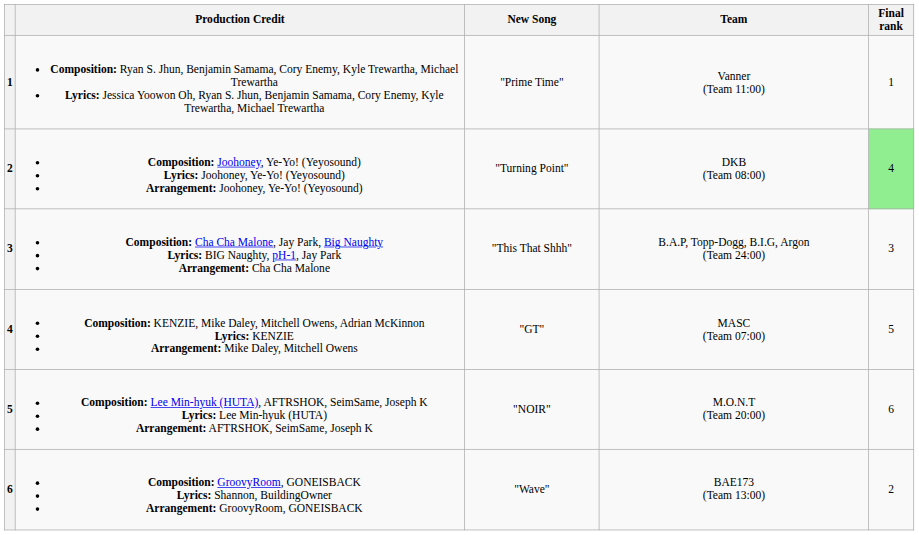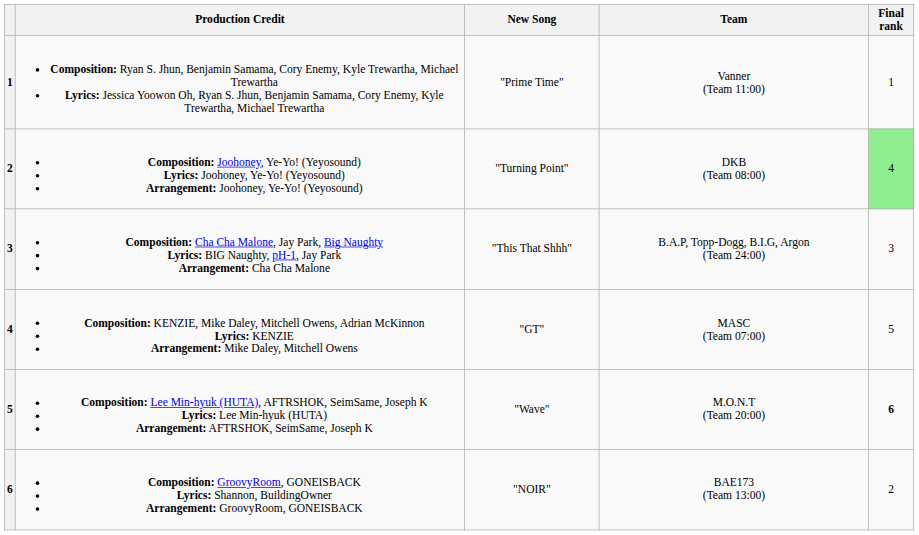 <table class="wikitable collapsible" style="text-align:center; width:100%">
 <tr>
 <th></th>
 <th style="width:50%">Production Credit</th>
 <th style="width:15%">New Song</th>
 <th style="width:30%">Team</th>
 <th style="width:5%">Final rank</th>
 </tr>
 <tr>
 <th>1</th>
 <td><br><ul><li><strong>Composition:</strong> Ryan S. Jhun, Benjamin Samama, Cory Enemy, Kyle Trewartha, Michael Trewartha</li><li><strong>Lyrics:</strong> Jessica Yoowon Oh, Ryan S. Jhun, Benjamin Samama, Cory Enemy, Kyle Trewartha, Michael Trewartha</li></ul></td>
 <td>"Prime Time"</td>
 <td>Vanner<br>(Team 11:00)</td>
 <td>1</td>
 </tr>
 <tr>
 <th>2</th>
 <td><br><ul><li><strong>Composition:</strong> <a href='#'>Joohoney</a>, Ye-Yo! (Yeyosound)</li><li><strong>Lyrics:</strong> Joohoney, Ye-Yo! (Yeyosound)</li><li><strong>Arrangement:</strong> Joohoney, Ye-Yo! (Yeyosound)</li></ul></td>
 <td>"Turning Point"</td>
 <td>DKB<br>(Team 08:00)</td>
 <td style="background: lightgreen;">4</td>
 </tr>
 <tr>
 <th>3</th>
 <td><br><ul><li><strong>Composition:</strong> <a href='#'>Cha Cha Malone</a>, Jay Park, <a href='#'>Big Naughty</a></li><li><strong>Lyrics:</strong> BIG Naughty, <a href='#'>pH-1</a>, Jay Park</li><li><strong>Arrangement:</strong> Cha Cha Malone</li></ul></td>
 <td>"This That Shhh"</td>
 <td>B.A.P, Topp-Dogg, B.I.G, Argon<br>(Team 24:00)</td>
 <td>3</td>
 </tr>
 <tr>
 <th>4</th>
 <td><br><ul><li><strong>Composition:</strong> KENZIE, Mike Daley, Mitchell Owens, Adrian McKinnon</li><li><strong>Lyrics:</strong> KENZIE</li><li><strong>Arrangement:</strong> Mike Daley, Mitchell Owens</li></ul></td>
 <td>"GT"</td>
 <td>MASC<br>(Team 07:00)</td>
 <td>5</td>
 </tr>
 <tr>
 <th>5</th>
 <td><br><ul><li><strong>Composition:</strong> <a href='#'>Lee Min-hyuk (HUTA)</a>, AFTRSHOK, SeimSame, Joseph K</li><li><strong>Lyrics:</strong> Lee Min-hyuk (HUTA)</li><li><strong>Arrangement:</strong> AFTRSHOK, SeimSame, Joseph K</li></ul></td>
-<td>"NOIR"</td>
+<td>"Wave"</td>
 <td>M.O.N.T<br>(Team 20:00)</td>
-<td>6</td>
+<td><strong>6</strong></td>
 </tr>
 <tr>
 <th>6</th>
 <td><br><ul><li><strong>Composition:</strong> <a href='#'>GroovyRoom</a>, GONEISBACK</li><li><strong>Lyrics:</strong> Shannon, BuildingOwner</li><li><strong>Arrangement:</strong> GroovyRoom, GONEISBACK</li></ul></td>
-<td>"Wave"</td>
+<td>"NOIR"</td>
 <td>BAE173<br>(Team 13:00)</td>
 <td>2</td>
 </tr>
 </table>
